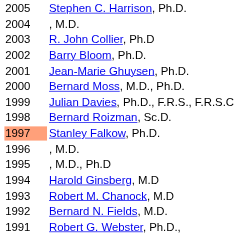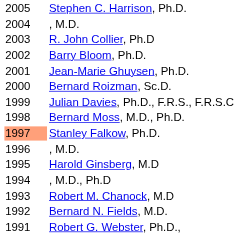 <table>
 <tr>
 <td>2005</td>
 <td><a href='#'>Stephen C. Harrison</a>, Ph.D.</td>
 </tr>
 <tr>
 <td>2004</td>
 <td>, M.D.</td>
 </tr>
 <tr>
 <td>2003</td>
 <td><a href='#'>R. John Collier</a>, Ph.D</td>
 </tr>
 <tr>
 <td>2002</td>
 <td><a href='#'>Barry Bloom</a>, Ph.D.</td>
 </tr>
 <tr>
 <td>2001</td>
 <td><a href='#'>Jean-Marie Ghuysen</a>, Ph.D.</td>
 </tr>
 <tr>
 <td>2000</td>
-<td><a href='#'>Bernard Moss</a>, M.D., Ph.D.</td>
+<td><a href='#'>Bernard Roizman</a>, Sc.D.</td>
 </tr>
 <tr>
 <td>1999</td>
 <td><a href='#'>Julian Davies</a>, Ph.D., F.R.S., F.R.S.C</td>
 </tr>
 <tr>
 <td>1998</td>
-<td><a href='#'>Bernard Roizman</a>, Sc.D.</td>
+<td><a href='#'>Bernard Moss</a>, M.D., Ph.D.</td>
 </tr>
 <tr>
 <td style="background: lightsalmon;">1997</td>
 <td><a href='#'>Stanley Falkow</a>, Ph.D.</td>
 </tr>
 <tr>
 <td>1996</td>
 <td>, M.D.</td>
 </tr>
 <tr>
 <td>1995</td>
-<td>, M.D., Ph.D</td>
+<td><a href='#'>Harold Ginsberg</a>, M.D</td>
 </tr>
 <tr>
 <td>1994</td>
-<td><a href='#'>Harold Ginsberg</a>, M.D</td>
+<td>, M.D., Ph.D</td>
 </tr>
 <tr>
 <td>1993</td>
 <td><a href='#'>Robert M. Chanock</a>, M.D</td>
 </tr>
 <tr>
 <td>1992</td>
 <td><a href='#'>Bernard N. Fields</a>, M.D.</td>
 </tr>
 <tr>
 <td>1991     </td>
 <td><a href='#'>Robert G. Webster</a>, Ph.D.,</td>
 </tr>
 <tr>
 </tr>
 </table>
